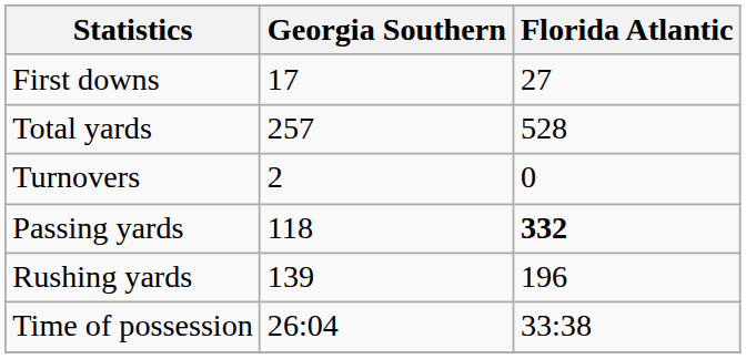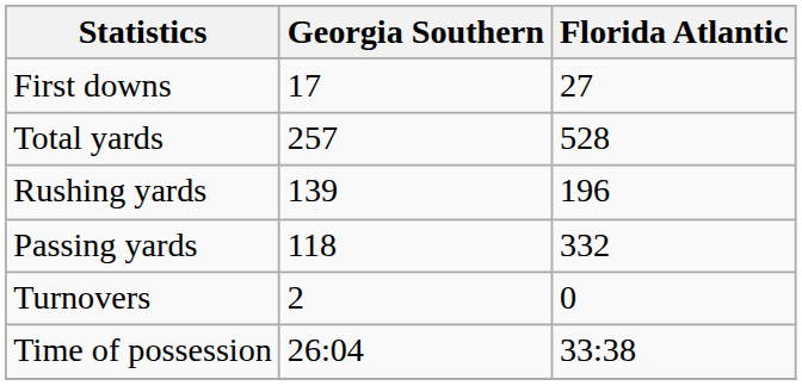 <table class="wikitable">
 <tr>
 <th>Statistics</th>
 <th>Georgia Southern</th>
 <th>Florida Atlantic</th>
 </tr>
 <tr>
 <td>First downs</td>
 <td>17</td>
 <td>27</td>
 </tr>
 <tr>
 <td>Total yards</td>
 <td>257</td>
 <td>528</td>
 </tr>
 <tr>
-<td>Turnovers</td>
-<td>2</td>
-<td>0</td>
+<td>Rushing yards</td>
+<td>139</td>
+<td>196</td>
 </tr>
 <tr>
 <td>Passing yards</td>
 <td>118</td>
-<td><strong>332</strong></td>
+<td>332</td>
 </tr>
 <tr>
-<td>Rushing yards</td>
-<td>139</td>
-<td>196</td>
+<td>Turnovers</td>
+<td>2</td>
+<td>0</td>
 </tr>
 <tr>
 <td>Time of possession</td>
 <td>26:04</td>
 <td>33:38</td>
 </tr>
 <tr>
 </tr>
 </table>
